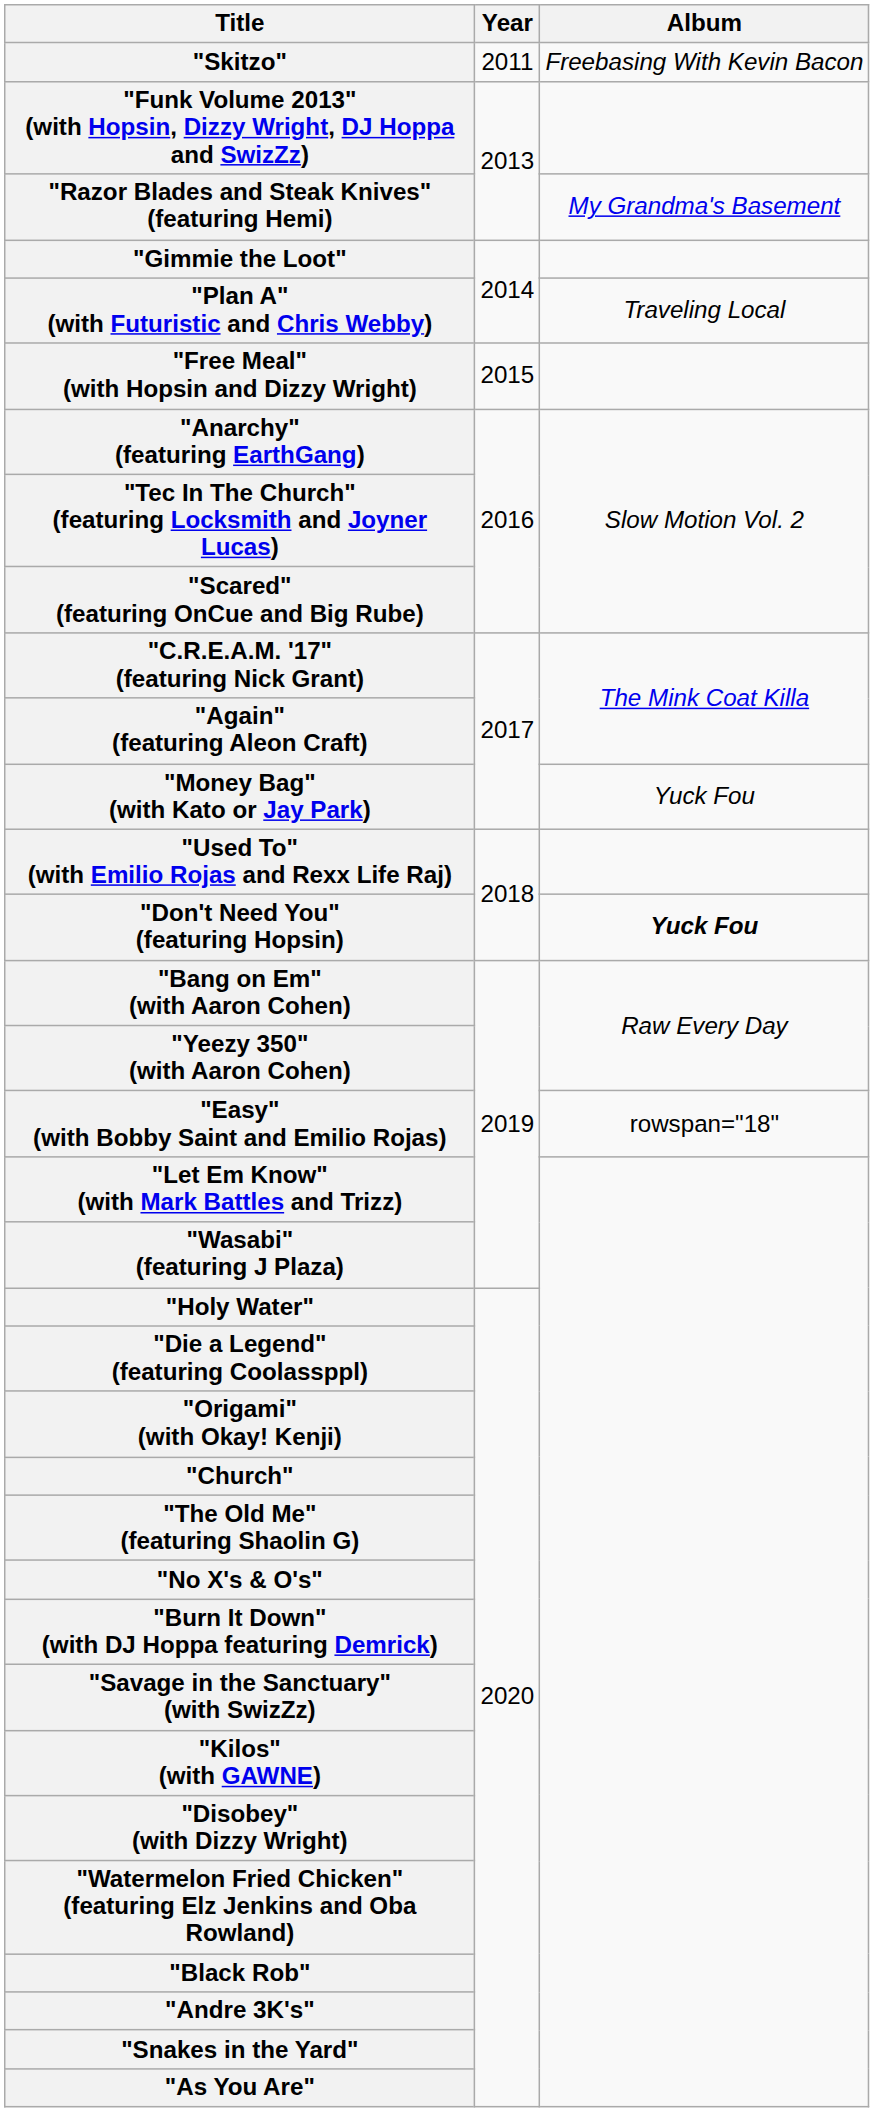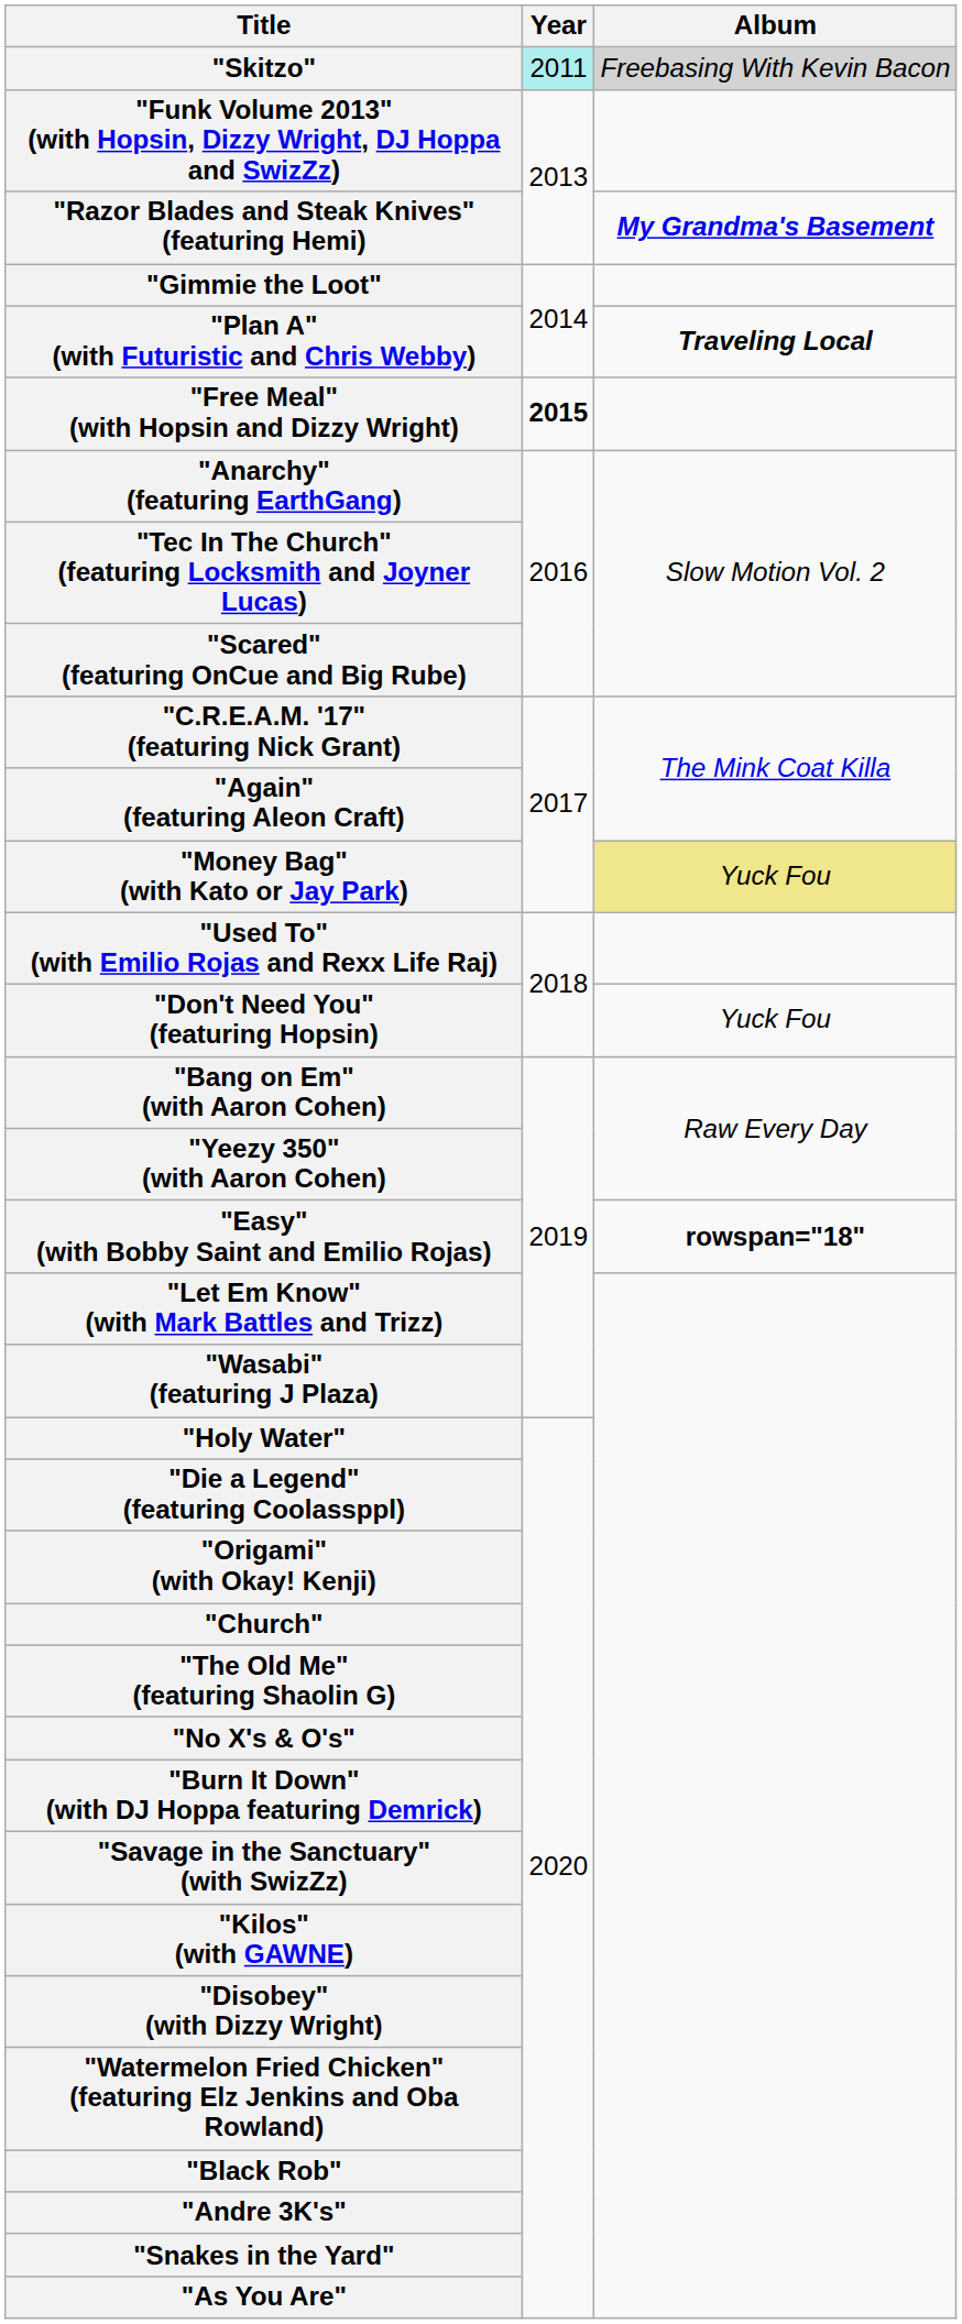 <table class="wikitable plainrowheaders" style="text-align:center;">
 <tr>
 <th scope="col" style="width:19em;">Title</th>
 <th scope="col">Year</th>
 <th scope="col">Album</th>
 </tr>
 <tr>
 <th scope="row">"Skitzo"</th>
-<td>2011</td>
-<td><em>Freebasing With Kevin Bacon</em></td>
+<td style="background: paleturquoise;">2011</td>
+<td style="background: lightgrey;"><em>Freebasing With Kevin Bacon</em></td>
 </tr>
 <tr>
 <th scope="row">"Funk Volume 2013"<br><span>(with <a href='#'>Hopsin</a>, <a href='#'>Dizzy Wright</a>, <a href='#'>DJ Hoppa</a> and <a href='#'>SwizZz</a>)</span></th>
 <td rowspan="2">2013</td>
 <td></td>
 </tr>
 <tr>
 <th scope="row">"Razor Blades and Steak Knives"<br><span>(featuring Hemi)</span></th>
-<td><em><a href='#'>My Grandma's Basement</a></em></td>
+<td><strong><em><a href='#'>My Grandma's Basement</a></em></strong></td>
 </tr>
 <tr>
 <th scope="row">"Gimmie the Loot"</th>
 <td rowspan="2">2014</td>
 <td></td>
 </tr>
 <tr>
 <th scope="row">"Plan A"<br><span>(with <a href='#'>Futuristic</a> and <a href='#'>Chris Webby</a>)</span></th>
-<td><em>Traveling Local</em></td>
+<td><strong><em>Traveling Local</em></strong></td>
 </tr>
 <tr>
 <th scope="row">"Free Meal"<br><span>(with Hopsin and Dizzy Wright)</span></th>
-<td>2015</td>
+<td><strong>2015</strong></td>
 <td></td>
 </tr>
 <tr>
 <th scope="row">"Anarchy"<br><span>(featuring <a href='#'>EarthGang</a>)</span></th>
 <td rowspan="3">2016</td>
 <td rowspan="3"><em>Slow Motion Vol. 2</em></td>
 </tr>
 <tr>
 <th scope="row">"Tec In The Church"<br><span>(featuring <a href='#'>Locksmith</a> and <a href='#'>Joyner Lucas</a>)</span></th>
 </tr>
 <tr>
 <th scope="row">"Scared"<br><span>(featuring OnCue and Big Rube)</span></th>
 </tr>
 <tr>
 <th scope="row">"C.R.E.A.M. '17"<br><span>(featuring Nick Grant)</span></th>
 <td rowspan="3">2017</td>
 <td rowspan="2"><em><a href='#'>The Mink Coat Killa</a></em></td>
 </tr>
 <tr>
 <th scope="row">"Again"<br><span>(featuring Aleon Craft)</span></th>
 </tr>
 <tr>
 <th scope="row">"Money Bag"<br><span>(with Kato or <a href='#'>Jay Park</a>)</span></th>
-<td><em>Yuck Fou</em></td>
+<td style="background: khaki;"><em>Yuck Fou</em></td>
 </tr>
 <tr>
 <th scope="row">"Used To"<br><span>(with <a href='#'>Emilio Rojas</a> and Rexx Life Raj)</span></th>
 <td rowspan="2">2018</td>
 <td></td>
 </tr>
 <tr>
 <th scope="row">"Don't Need You"<br><span>(featuring Hopsin)</span></th>
-<td><strong><em>Yuck Fou</em></strong></td>
+<td><em>Yuck Fou</em></td>
 </tr>
 <tr>
 <th scope="row">"Bang on Em"<br><span>(with Aaron Cohen)</span></th>
 <td rowspan="5">2019</td>
 <td rowspan="2"><em>Raw Every Day</em></td>
 </tr>
 <tr>
 <th scope="row">"Yeezy 350"<br><span>(with Aaron Cohen)</span></th>
 </tr>
 <tr>
 <th scope="row">"Easy"<br><span>(with Bobby Saint and Emilio Rojas)</span></th>
-<td>rowspan="18" </td>
+<td><strong>rowspan="18" </strong></td>
 </tr>
 <tr>
 <th scope="row">"Let Em Know"<br><span>(with <a href='#'>Mark Battles</a> and Trizz)</span></th>
 </tr>
 <tr>
 <th scope="row">"Wasabi"<br><span>(featuring J Plaza)</span></th>
 </tr>
 <tr>
 <th scope="row">"Holy Water"</th>
 <td rowspan="15">2020</td>
 </tr>
 <tr>
 <th scope="row">"Die a Legend"<br><span>(featuring Coolassppl)</span></th>
 </tr>
 <tr>
 <th scope="row">"Origami"<br><span>(with Okay! Kenji)</span></th>
 </tr>
 <tr>
 <th scope="row">"Church"</th>
 </tr>
 <tr>
 <th scope="row">"The Old Me"<br><span>(featuring Shaolin G)</span></th>
 </tr>
 <tr>
 <th scope="row">"No X's & O's"</th>
 </tr>
 <tr>
 <th scope="row">"Burn It Down"<br><span>(with DJ Hoppa featuring <a href='#'>Demrick</a>)</span></th>
 </tr>
 <tr>
 <th scope="row">"Savage in the Sanctuary"<br><span>(with SwizZz)</span></th>
 </tr>
 <tr>
 <th scope="row">"Kilos"<br><span>(with <a href='#'>GAWNE</a>)</span></th>
 </tr>
 <tr>
 <th scope="row">"Disobey"<br><span>(with Dizzy Wright)</span></th>
 </tr>
 <tr>
 <th scope="row">"Watermelon Fried Chicken"<br><span>(featuring Elz Jenkins and Oba Rowland)</span></th>
 </tr>
 <tr>
 <th scope="row">"Black Rob"</th>
 </tr>
 <tr>
 <th scope="row">"Andre 3K's"</th>
 </tr>
 <tr>
 <th scope="row">"Snakes in the Yard"</th>
 </tr>
 <tr>
 <th scope="row">"As You Are"</th>
 </tr>
 </table>
